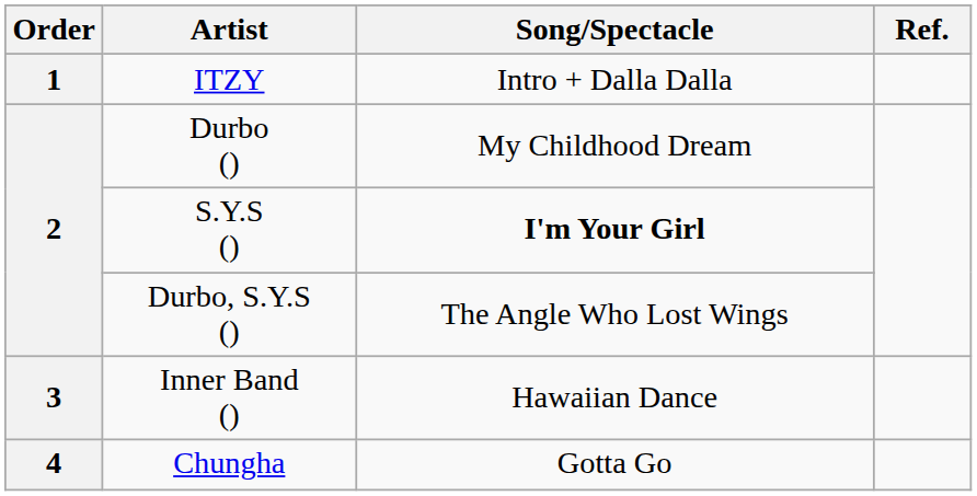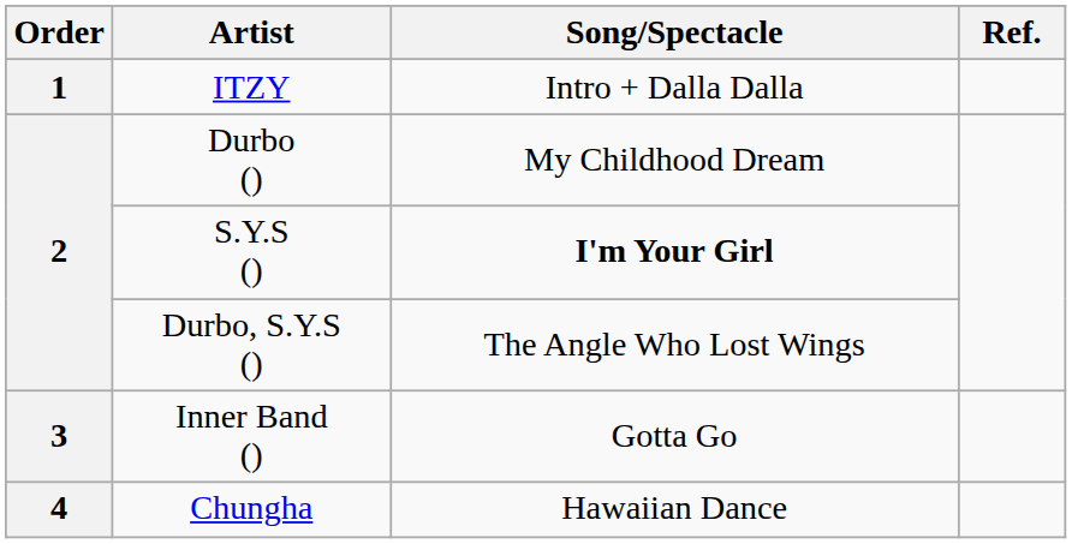 <table class="wikitable" style="text-align:center; width:80%;">
 <tr>
 <th width="5%">Order</th>
 <th>Artist</th>
 <th>Song/Spectacle</th>
 <th>Ref.</th>
 </tr>
 <tr>
 <th>1</th>
 <td><a href='#'>ITZY</a></td>
 <td>Intro + Dalla Dalla</td>
 <td></td>
 </tr>
 <tr>
 <th rowspan=3>2</th>
 <td>Durbo<br>()</td>
 <td>My Childhood Dream<br></td>
 <td rowspan=3></td>
 </tr>
 <tr>
 <td>S.Y.S<br>()</td>
 <td><strong>I'm Your Girl<br></strong></td>
 </tr>
 <tr>
 <td>Durbo, S.Y.S<br>()</td>
 <td>The Angle Who Lost Wings<br></td>
 </tr>
 <tr>
 <th>3</th>
 <td>Inner Band<br>()</td>
-<td>Hawaiian Dance</td>
+<td>Gotta Go</td>
 <td></td>
 </tr>
 <tr>
 <th>4</th>
 <td><a href='#'>Chungha</a></td>
-<td>Gotta Go</td>
+<td>Hawaiian Dance</td>
 <td></td>
 </tr>
 </table>
